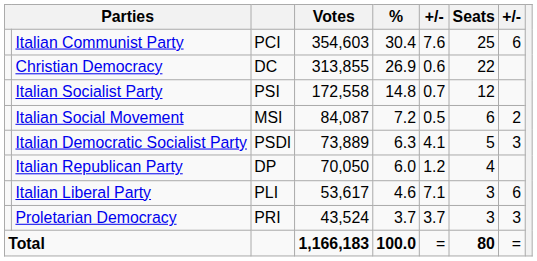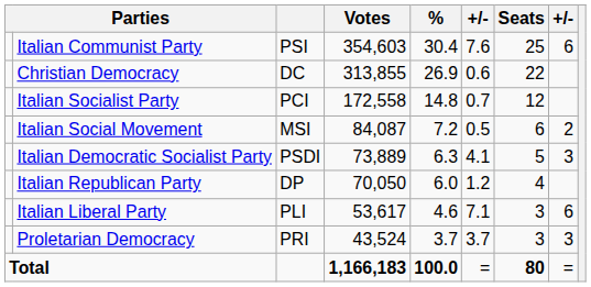 <table class="wikitable">
 <tr>
 <th colspan="2">Parties</th>
 <th></th>
 <th>Votes</th>
 <th>%</th>
 <th>+/-</th>
 <th>Seats</th>
 <th>+/-</th>
 <th rowspan="12"></th>
 </tr>
 <tr>
 <td style="background-color:"></td>
 <td><a href='#'>Italian Communist Party</a></td>
-<td>PCI</td>
+<td>PSI</td>
 <td align=right>354,603</td>
 <td align=right>30.4</td>
 <td align=right> 7.6</td>
 <td align=right>25</td>
 <td align=right> 6</td>
 </tr>
 <tr>
 <td style="background-color:"></td>
 <td><a href='#'>Christian Democracy</a></td>
 <td>DC</td>
 <td align=right>313,855</td>
 <td align=right>26.9</td>
 <td align=right> 0.6</td>
 <td align=right>22</td>
 <td align=right></td>
 </tr>
 <tr>
 <td style="background-color:"></td>
 <td><a href='#'>Italian Socialist Party</a></td>
-<td>PSI</td>
+<td>PCI</td>
 <td align=right>172,558</td>
 <td align=right>14.8</td>
 <td align=right> 0.7</td>
 <td align=right>12</td>
 <td align=right></td>
 </tr>
 <tr>
 <td style="background-color:"></td>
 <td><a href='#'>Italian Social Movement</a></td>
 <td>MSI</td>
 <td align=right>84,087</td>
 <td align=right>7.2</td>
 <td align=right> 0.5</td>
 <td align=right>6</td>
 <td align=right> 2</td>
 </tr>
 <tr>
 <td style="background-color:"></td>
 <td><a href='#'>Italian Democratic Socialist Party</a></td>
 <td>PSDI</td>
 <td align=right>73,889</td>
 <td align=right>6.3</td>
 <td align=right> 4.1</td>
 <td align=right>5</td>
 <td align=right> 3</td>
 </tr>
 <tr>
 <td style="background-color:"></td>
 <td><a href='#'>Italian Republican Party</a></td>
 <td>DP</td>
 <td align=right>70,050</td>
 <td align=right>6.0</td>
 <td align=right> 1.2</td>
 <td align=right>4</td>
 <td align=right></td>
 </tr>
 <tr>
 <td style="background-color:"></td>
 <td><a href='#'>Italian Liberal Party</a></td>
 <td>PLI</td>
 <td align=right>53,617</td>
 <td align=right>4.6</td>
 <td align=right> 7.1</td>
 <td align=right>3</td>
 <td align=right> 6</td>
 </tr>
 <tr>
 <td style="background-color:"></td>
 <td><a href='#'>Proletarian Democracy</a></td>
 <td>PRI</td>
 <td align=right>43,524</td>
 <td align=right>3.7</td>
 <td align=right> 3.7</td>
 <td align=right>3</td>
 <td align=right> 3</td>
 </tr>
 <tr>
 <td colspan="2"><strong>Total</strong></td>
 <td></td>
 <td align=right><strong>1,166,183</strong></td>
 <td align=right><strong>100.0</strong></td>
 <td align=right>=</td>
 <td align=right><strong>80</strong></td>
 <td align=right>=</td>
 </tr>
 </table>
